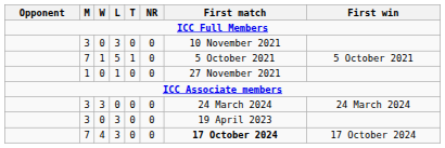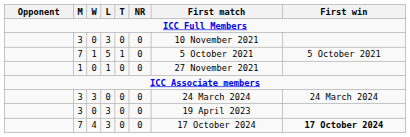 <table class="wikitable" style="text-align: center; width: 600px;">
 <tr>
 <th>Opponent</th>
 <th>M</th>
 <th>W</th>
 <th>L</th>
 <th>T</th>
 <th>NR</th>
 <th>First match</th>
 <th>First win</th>
 </tr>
 <tr>
 <td colspan="8" style="text-align: center;"><strong><a href='#'>ICC Full Members</a></strong></td>
 </tr>
 <tr>
 <td align=left></td>
 <td>3</td>
 <td>0</td>
 <td>3</td>
 <td>0</td>
 <td>0</td>
 <td>10 November 2021</td>
 <td></td>
 </tr>
 <tr>
 <td align=left></td>
 <td>7</td>
 <td>1</td>
 <td>5</td>
 <td>1</td>
 <td>0</td>
 <td>5 October 2021</td>
 <td>5 October 2021</td>
 </tr>
 <tr>
 <td align=left></td>
 <td>1</td>
 <td>0</td>
 <td>1</td>
 <td>0</td>
 <td>0</td>
 <td>27 November 2021</td>
 <td></td>
 </tr>
 <tr>
 <td colspan="8" style="text-align: center;"><strong><a href='#'>ICC Associate members</a></strong></td>
 </tr>
 <tr>
 <td align=left></td>
 <td>3</td>
 <td>3</td>
 <td>0</td>
 <td>0</td>
 <td>0</td>
 <td>24 March 2024</td>
 <td>24 March 2024</td>
 </tr>
 <tr>
 <td align=left></td>
 <td>3</td>
 <td>0</td>
 <td>3</td>
 <td>0</td>
 <td>0</td>
 <td>19 April 2023</td>
 <td></td>
 </tr>
 <tr>
 <td align=left></td>
 <td>7</td>
 <td>4</td>
 <td>3</td>
 <td>0</td>
 <td>0</td>
+<td>17 October 2024</td>
 <td><strong>17 October 2024</strong></td>
-<td>17 October 2024</td>
 </tr>
 </table>
